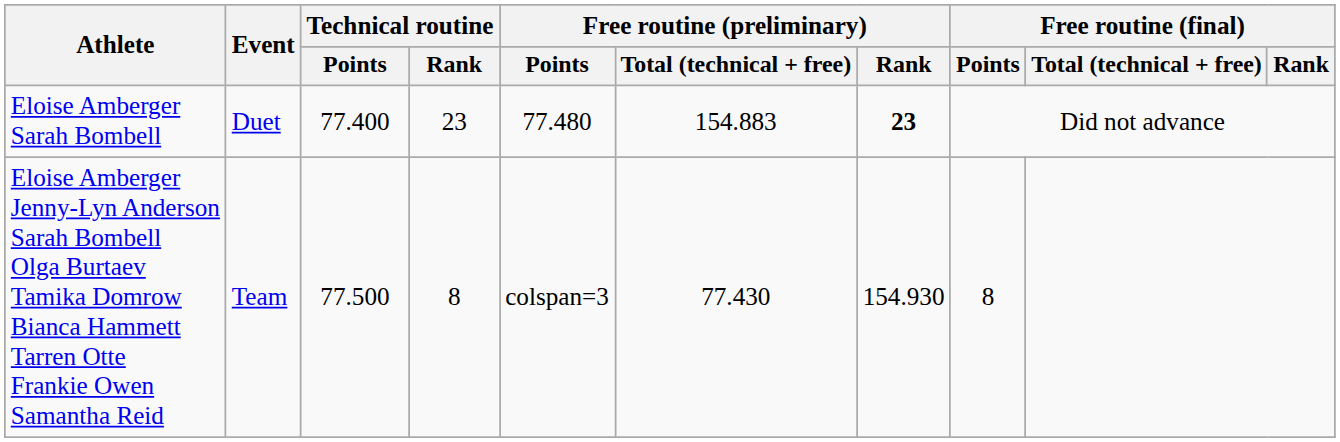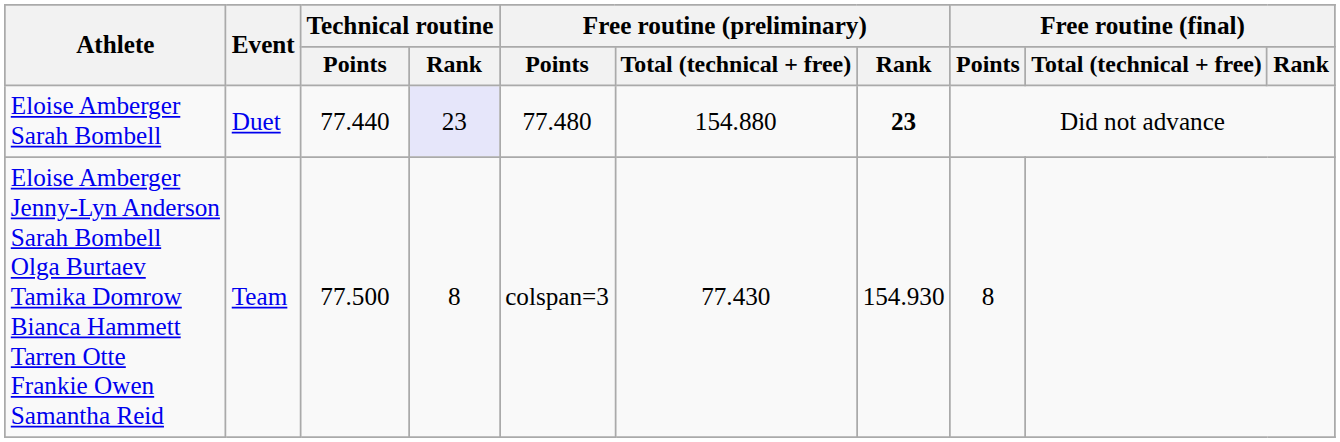 <table class="wikitable" style="font-size:90%">
 <tr>
 <th rowspan=2>Athlete</th>
 <th rowspan=2>Event</th>
 <th colspan=2>Technical routine</th>
 <th colspan=3>Free routine (preliminary)</th>
 <th colspan=3>Free routine (final)</th>
 </tr>
 <tr style="font-size:95%">
 <th>Points</th>
 <th>Rank</th>
 <th>Points</th>
 <th>Total (technical + free)</th>
 <th>Rank</th>
 <th>Points</th>
 <th>Total (technical + free)</th>
 <th>Rank</th>
 </tr>
 <tr align=center>
 <td align=left><a href='#'>Eloise Amberger</a><br><a href='#'>Sarah Bombell</a></td>
 <td align=left><a href='#'>Duet</a></td>
-<td>77.400</td>
-<td>23</td>
+<td>77.440</td>
+<td style="background: lavender;">23</td>
 <td>77.480</td>
-<td>154.883</td>
+<td>154.880</td>
 <td><strong>23</strong></td>
 <td colspan=3>Did not advance</td>
 </tr>
 <tr align=center>
 <td align=left><a href='#'>Eloise Amberger</a><br><a href='#'>Jenny-Lyn Anderson</a><br><a href='#'>Sarah Bombell</a><br><a href='#'>Olga Burtaev</a><br><a href='#'>Tamika Domrow</a><br><a href='#'>Bianca Hammett</a><br><a href='#'>Tarren Otte</a><br><a href='#'>Frankie Owen</a><br><a href='#'>Samantha Reid</a></td>
 <td align=left><a href='#'>Team</a></td>
 <td>77.500</td>
 <td>8</td>
 <td>colspan=3 </td>
 <td>77.430</td>
 <td>154.930</td>
 <td>8</td>
 </tr>
 </table>
